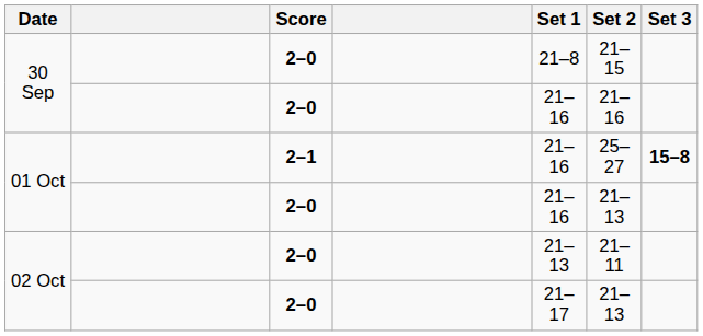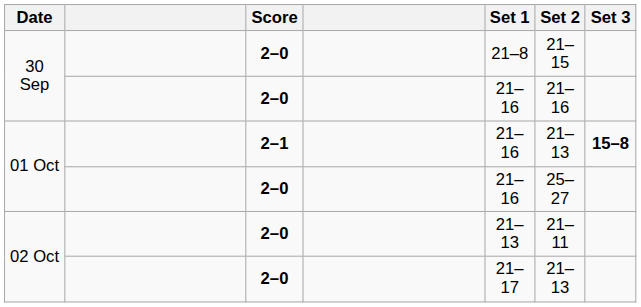 <table class="wikitable" style="text-align: center;">
 <tr>
 <th width="60">Date</th>
 <th align="right" width="270"></th>
 <th width="50">Score</th>
 <th align="left" width="270"></th>
 <th width="50">Set 1</th>
 <th width="50">Set 2</th>
 <th width="50">Set 3</th>
 </tr>
 <tr>
 <td rowspan=2>30 Sep</td>
 <td align=left><strong></strong></td>
 <td align=center><strong>2–0</strong></td>
 <td align=left></td>
 <td>21–8</td>
 <td>21–15</td>
 <td></td>
 </tr>
 <tr>
 <td align=left><strong></strong></td>
 <td align=center><strong>2–0</strong></td>
 <td align=left></td>
 <td>21–16</td>
 <td>21–16</td>
 <td></td>
 </tr>
 <tr>
 <td rowspan=2>01 Oct</td>
 <td align=left><strong></strong></td>
 <td align=center><strong>2–1</strong></td>
 <td align=left></td>
 <td>21–16</td>
-<td>25–27</td>
+<td>21–13</td>
 <td><strong>15–8</strong></td>
 </tr>
 <tr>
 <td align=left><strong></strong></td>
 <td align=center><strong>2–0</strong></td>
 <td align=left></td>
 <td>21–16</td>
-<td>21–13</td>
+<td>25–27</td>
 <td></td>
 </tr>
 <tr>
 <td rowspan=2>02 Oct</td>
 <td align=left><strong></strong></td>
 <td align=center><strong>2–0</strong></td>
 <td align=left></td>
 <td>21–13</td>
 <td>21–11</td>
 <td></td>
 </tr>
 <tr>
 <td align=left><strong></strong></td>
 <td align=center><strong>2–0</strong></td>
 <td align=left></td>
 <td>21–17</td>
 <td>21–13</td>
 <td></td>
 </tr>
 </table>
